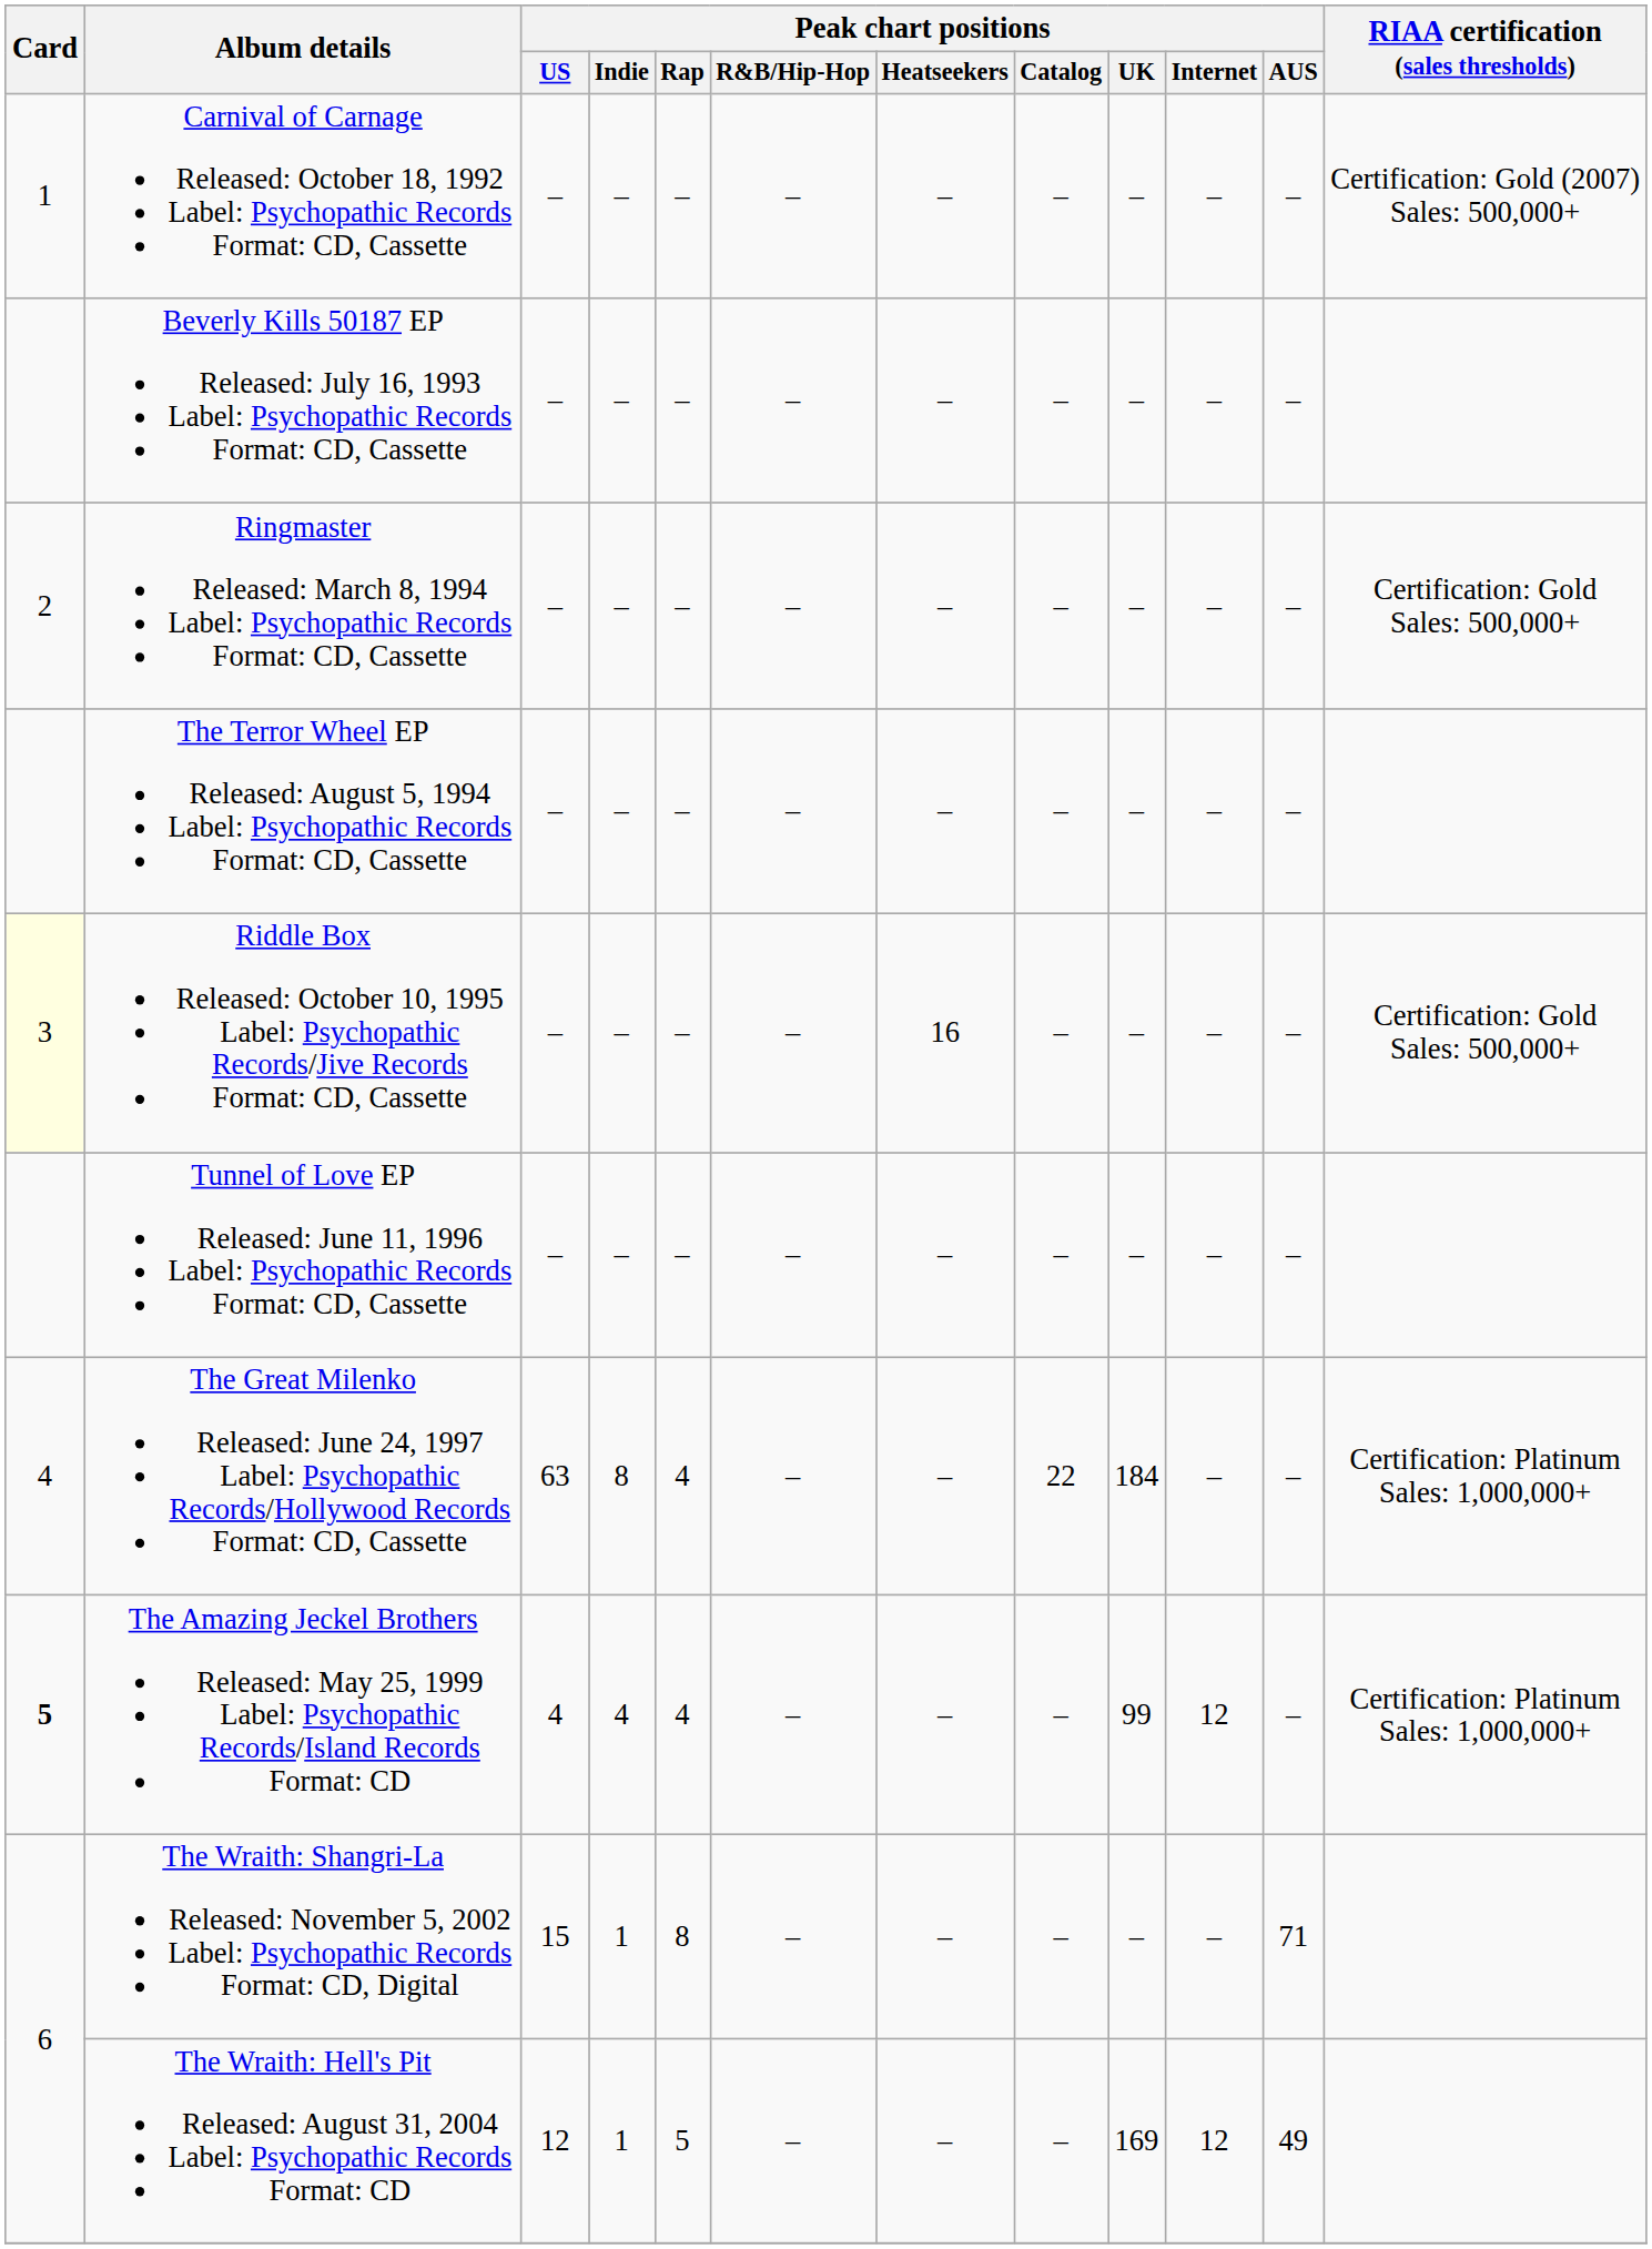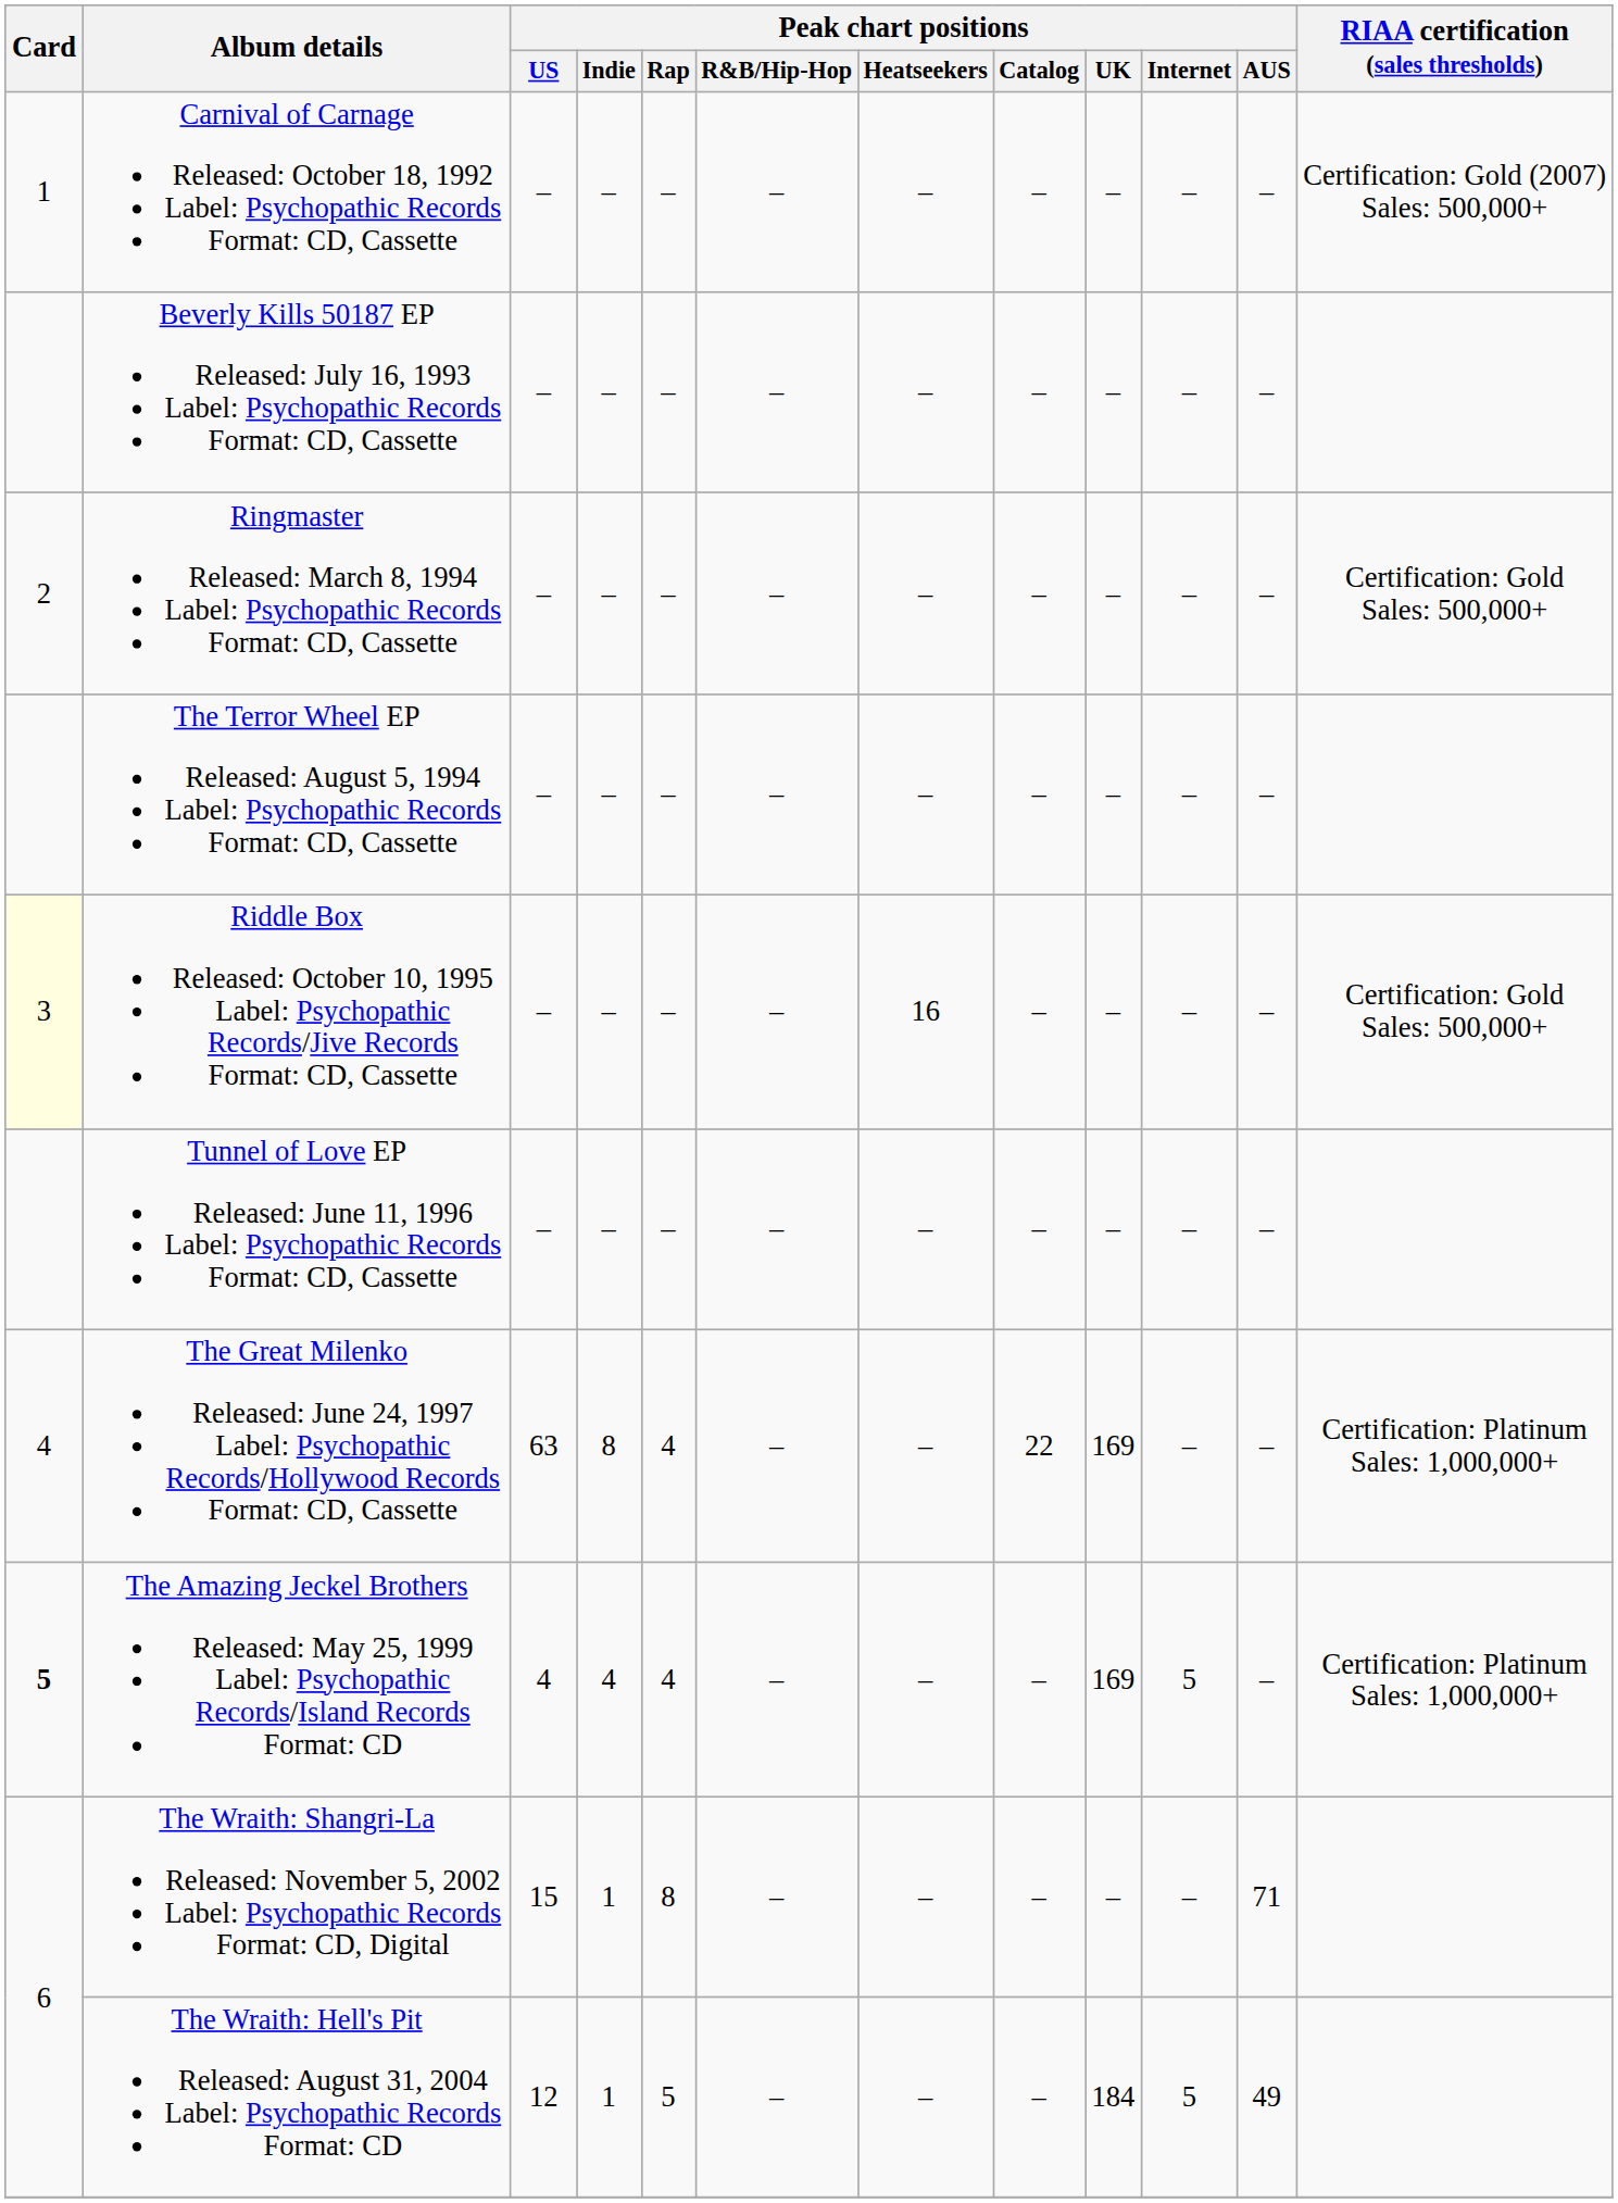 <table class="wikitable" style="text-align:center;">
 <tr>
 <th rowspan="2">Card</th>
 <th rowspan="2" width="230">Album details</th>
 <th colspan="9">Peak chart positions</th>
 <th rowspan="2"><a href='#'>RIAA</a> certification<br><small>(<a href='#'>sales thresholds</a>)</small></th>
 </tr>
 <tr style="font-size:smaller;">
 <th width="30"><a href='#'>US</a><br></th>
 <th>Indie</th>
 <th>Rap</th>
 <th>R&B/Hip-Hop</th>
 <th>Heatseekers</th>
 <th>Catalog</th>
 <th>UK</th>
 <th>Internet</th>
 <th>AUS</th>
 </tr>
 <tr>
 <td>1</td>
 <td><a href='#'>Carnival of Carnage</a><br><ul><li>Released: October 18, 1992</li><li>Label: <a href='#'>Psychopathic Records</a></li><li>Format: CD, Cassette</li></ul></td>
 <td>–</td>
 <td>–</td>
 <td>–</td>
 <td>–</td>
 <td>–</td>
 <td>–</td>
 <td>–</td>
 <td>–</td>
 <td>–</td>
 <td>Certification: Gold (2007)<br>Sales: 500,000+</td>
 </tr>
 <tr>
 <td></td>
 <td><a href='#'>Beverly Kills 50187</a> EP<br><ul><li>Released: July 16, 1993</li><li>Label: <a href='#'>Psychopathic Records</a></li><li>Format: CD, Cassette</li></ul></td>
 <td>–</td>
 <td>–</td>
 <td>–</td>
 <td>–</td>
 <td>–</td>
 <td>–</td>
 <td>–</td>
 <td>–</td>
 <td>–</td>
 <td></td>
 </tr>
 <tr>
 <td>2</td>
 <td><a href='#'>Ringmaster</a><br><ul><li>Released: March 8, 1994</li><li>Label: <a href='#'>Psychopathic Records</a></li><li>Format: CD, Cassette</li></ul></td>
 <td>–</td>
 <td>–</td>
 <td>–</td>
 <td>–</td>
 <td>–</td>
 <td>–</td>
 <td>–</td>
 <td>–</td>
 <td>–</td>
 <td>Certification: Gold<br>Sales: 500,000+</td>
 </tr>
 <tr>
 <td></td>
 <td><a href='#'>The Terror Wheel</a> EP<br><ul><li>Released: August 5, 1994</li><li>Label: <a href='#'>Psychopathic Records</a></li><li>Format: CD, Cassette</li></ul></td>
 <td>–</td>
 <td>–</td>
 <td>–</td>
 <td>–</td>
 <td>–</td>
 <td>–</td>
 <td>–</td>
 <td>–</td>
 <td>–</td>
 <td></td>
 </tr>
 <tr>
 <td style="background: lightyellow;">3</td>
 <td><a href='#'>Riddle Box</a><br><ul><li>Released: October 10, 1995</li><li>Label: <a href='#'>Psychopathic Records</a>/<a href='#'>Jive Records</a></li><li>Format: CD, Cassette</li></ul></td>
 <td>–</td>
 <td>–</td>
 <td>–</td>
 <td>–</td>
 <td>16</td>
 <td>–</td>
 <td>–</td>
 <td>–</td>
 <td>–</td>
 <td>Certification: Gold<br>Sales: 500,000+</td>
 </tr>
 <tr>
 <td></td>
 <td><a href='#'>Tunnel of Love</a> EP<br><ul><li>Released: June 11, 1996</li><li>Label: <a href='#'>Psychopathic Records</a></li><li>Format: CD, Cassette</li></ul></td>
 <td>–</td>
 <td>–</td>
 <td>–</td>
 <td>–</td>
 <td>–</td>
 <td>–</td>
 <td>–</td>
 <td>–</td>
 <td>–</td>
 <td></td>
 </tr>
 <tr>
 <td>4</td>
 <td><a href='#'>The Great Milenko</a><br><ul><li>Released: June 24, 1997</li><li>Label: <a href='#'>Psychopathic Records</a>/<a href='#'>Hollywood Records</a></li><li>Format: CD, Cassette</li></ul></td>
 <td>63</td>
 <td>8</td>
 <td>4</td>
 <td>–</td>
 <td>–</td>
 <td>22</td>
-<td>184</td>
+<td>169</td>
 <td>–</td>
 <td>–</td>
 <td>Certification: Platinum<br>Sales: 1,000,000+</td>
 </tr>
 <tr>
 <td><strong>5</strong></td>
 <td><a href='#'>The Amazing Jeckel Brothers</a><br><ul><li>Released: May 25, 1999</li><li>Label: <a href='#'>Psychopathic Records</a>/<a href='#'>Island Records</a></li><li>Format: CD</li></ul></td>
 <td>4</td>
 <td>4</td>
 <td>4</td>
 <td>–</td>
 <td>–</td>
 <td>–</td>
-<td>99</td>
-<td>12</td>
+<td>169</td>
+<td>5</td>
 <td>–</td>
 <td>Certification: Platinum<br>Sales: 1,000,000+</td>
 </tr>
 <tr>
 <td rowspan="2">6</td>
 <td><a href='#'>The Wraith: Shangri-La</a><br><ul><li>Released: November 5, 2002</li><li>Label: <a href='#'>Psychopathic Records</a></li><li>Format: CD, Digital</li></ul></td>
 <td>15</td>
 <td>1</td>
 <td>8</td>
 <td>–</td>
 <td>–</td>
 <td>–</td>
 <td>–</td>
 <td>–</td>
 <td>71</td>
 <td></td>
 </tr>
 <tr>
 <td><a href='#'>The Wraith: Hell's Pit</a><br><ul><li>Released: August 31, 2004</li><li>Label: <a href='#'>Psychopathic Records</a></li><li>Format: CD</li></ul></td>
 <td>12</td>
 <td>1</td>
 <td>5</td>
 <td>–</td>
 <td>–</td>
 <td>–</td>
-<td>169</td>
-<td>12</td>
+<td>184</td>
+<td>5</td>
 <td>49</td>
 <td></td>
 </tr>
 <tr>
 </tr>
 </table>
